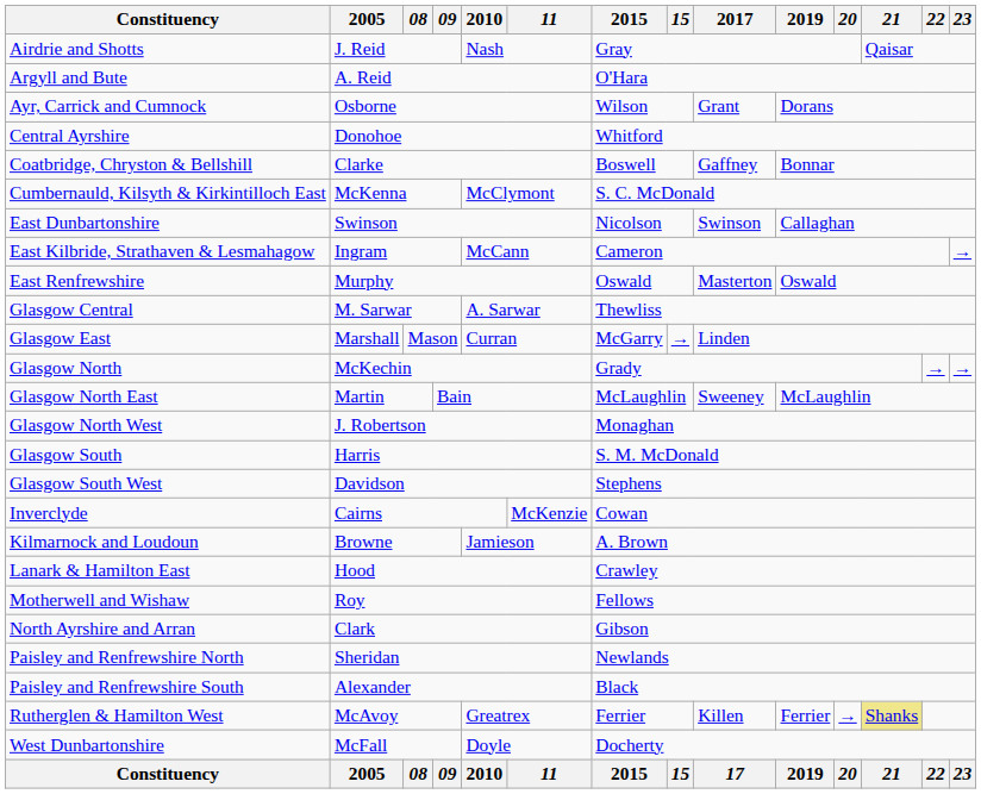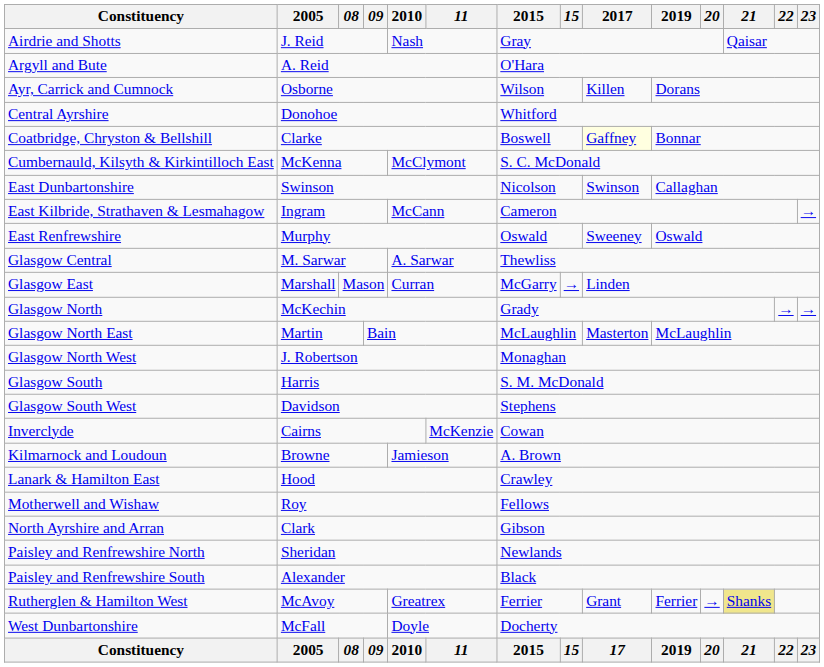 <table class="wikitable">
 <tr>
 <th>Constituency</th>
 <th>2005</th>
 <th><em>08</em></th>
 <th><em>09</em></th>
 <th>2010</th>
 <th><em>11</em></th>
 <th>2015</th>
 <th><em>15</em></th>
 <th>2017</th>
 <th>2019</th>
 <th><em>20</em></th>
 <th><em>21</em></th>
 <th><em>22</em></th>
 <th><em>23</em></th>
 </tr>
 <tr>
 <td><a href='#'>Airdrie and Shotts</a></td>
 <td colspan="3"><a href='#'>J. Reid</a></td>
 <td colspan="2"><a href='#'>Nash</a></td>
 <td colspan="5"><a href='#'>Gray</a></td>
 <td colspan="3"><a href='#'>Qaisar</a></td>
 </tr>
 <tr>
 <td><a href='#'>Argyll and Bute</a></td>
 <td colspan="5"><a href='#'>A. Reid</a></td>
 <td colspan="8"><a href='#'>O'Hara</a></td>
 </tr>
 <tr>
 <td><a href='#'>Ayr, Carrick and Cumnock</a></td>
 <td colspan="5"><a href='#'>Osborne</a></td>
 <td colspan="2"><a href='#'>Wilson</a></td>
-<td><a href='#'>Grant</a></td>
+<td><a href='#'>Killen</a></td>
 <td colspan="5"><a href='#'>Dorans</a></td>
 </tr>
 <tr>
 <td><a href='#'>Central Ayrshire</a></td>
 <td colspan="5"><a href='#'>Donohoe</a></td>
 <td colspan="8"><a href='#'>Whitford</a></td>
 </tr>
 <tr>
 <td><a href='#'>Coatbridge, Chryston & Bellshill</a></td>
 <td colspan="5"><a href='#'>Clarke</a></td>
 <td colspan="2"><a href='#'>Boswell</a></td>
-<td><a href='#'>Gaffney</a></td>
+<td style="background: lightyellow;"><a href='#'>Gaffney</a></td>
 <td colspan="5"><a href='#'>Bonnar</a></td>
 </tr>
 <tr>
 <td><a href='#'>Cumbernauld, Kilsyth & Kirkintilloch East</a></td>
 <td colspan="3"><a href='#'>McKenna</a></td>
 <td colspan="2"><a href='#'>McClymont</a></td>
 <td colspan="8"><a href='#'>S. C. McDonald</a></td>
 </tr>
 <tr>
 <td><a href='#'>East Dunbartonshire</a></td>
 <td colspan="5"><a href='#'>Swinson</a></td>
 <td colspan="2"><a href='#'>Nicolson</a></td>
 <td><a href='#'>Swinson</a></td>
 <td colspan="5"><a href='#'>Callaghan</a></td>
 </tr>
 <tr>
 <td><a href='#'>East Kilbride, Strathaven & Lesmahagow</a></td>
 <td colspan="3"><a href='#'>Ingram</a></td>
 <td colspan="2"><a href='#'>McCann</a></td>
 <td colspan="7"><a href='#'>Cameron</a></td>
 <td><a href='#'>→</a></td>
 </tr>
 <tr>
 <td><a href='#'>East Renfrewshire</a></td>
 <td colspan="5"><a href='#'>Murphy</a></td>
 <td colspan="2"><a href='#'>Oswald</a></td>
-<td><a href='#'>Masterton</a></td>
+<td><a href='#'>Sweeney</a></td>
 <td colspan="5"><a href='#'>Oswald</a></td>
 </tr>
 <tr>
 <td><a href='#'>Glasgow Central</a></td>
 <td colspan="3"><a href='#'>M. Sarwar</a></td>
 <td colspan="2"><a href='#'>A. Sarwar</a></td>
 <td colspan="8"><a href='#'>Thewliss</a></td>
 </tr>
 <tr>
 <td><a href='#'>Glasgow East</a></td>
 <td><a href='#'>Marshall</a></td>
 <td colspan="2"><a href='#'>Mason</a></td>
 <td colspan="2"><a href='#'>Curran</a></td>
 <td><a href='#'>McGarry</a></td>
 <td><a href='#'>→</a></td>
 <td colspan="6"><a href='#'>Linden</a></td>
 </tr>
 <tr>
 <td><a href='#'>Glasgow North</a></td>
 <td colspan="5"><a href='#'>McKechin</a></td>
 <td colspan="6"><a href='#'>Grady</a></td>
 <td><a href='#'>→</a></td>
 <td><a href='#'>→</a></td>
 </tr>
 <tr>
 <td><a href='#'>Glasgow North East</a></td>
 <td colspan="2"><a href='#'>Martin</a></td>
 <td colspan="3"><a href='#'>Bain</a></td>
 <td colspan="2"><a href='#'>McLaughlin</a></td>
-<td><a href='#'>Sweeney</a></td>
+<td><a href='#'>Masterton</a></td>
 <td colspan="5"><a href='#'>McLaughlin</a></td>
 </tr>
 <tr>
 <td><a href='#'>Glasgow North West</a></td>
 <td colspan="5"><a href='#'>J. Robertson</a></td>
 <td colspan="8"><a href='#'>Monaghan</a></td>
 </tr>
 <tr>
 <td><a href='#'>Glasgow South</a></td>
 <td colspan="5"><a href='#'>Harris</a></td>
 <td colspan="8"><a href='#'>S. M. McDonald</a></td>
 </tr>
 <tr>
 <td><a href='#'>Glasgow South West</a></td>
 <td colspan="5"><a href='#'>Davidson</a></td>
 <td colspan="8"><a href='#'>Stephens</a></td>
 </tr>
 <tr>
 <td><a href='#'>Inverclyde</a></td>
 <td colspan="4"><a href='#'>Cairns</a></td>
 <td><a href='#'>McKenzie</a></td>
 <td colspan="8"><a href='#'>Cowan</a></td>
 </tr>
 <tr>
 <td><a href='#'>Kilmarnock and Loudoun</a></td>
 <td colspan="3"><a href='#'>Browne</a></td>
 <td colspan="2"><a href='#'>Jamieson</a></td>
 <td colspan="8"><a href='#'>A. Brown</a></td>
 </tr>
 <tr>
 <td><a href='#'>Lanark & Hamilton East</a></td>
 <td colspan="5"><a href='#'>Hood</a></td>
 <td colspan="8"><a href='#'>Crawley</a></td>
 </tr>
 <tr>
 <td><a href='#'>Motherwell and Wishaw</a></td>
 <td colspan="5"><a href='#'>Roy</a></td>
 <td colspan="8"><a href='#'>Fellows</a></td>
 </tr>
 <tr>
 <td><a href='#'>North Ayrshire and Arran</a></td>
 <td colspan="5"><a href='#'>Clark</a></td>
 <td colspan="8"><a href='#'>Gibson</a></td>
 </tr>
 <tr>
 <td><a href='#'>Paisley and Renfrewshire North</a></td>
 <td colspan="5"><a href='#'>Sheridan</a></td>
 <td colspan="8"><a href='#'>Newlands</a></td>
 </tr>
 <tr>
 <td><a href='#'>Paisley and Renfrewshire South</a></td>
 <td colspan="5"><a href='#'>Alexander</a></td>
 <td colspan="8"><a href='#'>Black</a></td>
 </tr>
 <tr>
 <td><a href='#'>Rutherglen & Hamilton West</a></td>
 <td colspan="3"><a href='#'>McAvoy</a></td>
 <td colspan="2"><a href='#'>Greatrex</a></td>
 <td colspan="2"><a href='#'>Ferrier</a></td>
-<td><a href='#'>Killen</a></td>
+<td><a href='#'>Grant</a></td>
 <td><a href='#'>Ferrier</a></td>
 <td><a href='#'>→</a></td>
 <td style="background: khaki;"><a href='#'>Shanks</a></td>
 </tr>
 <tr>
 <td><a href='#'>West Dunbartonshire</a></td>
 <td colspan="3"><a href='#'>McFall</a></td>
 <td colspan="2"><a href='#'>Doyle</a></td>
 <td colspan="8"><a href='#'>Docherty</a></td>
 </tr>
 <tr>
 <th>Constituency</th>
 <th>2005</th>
 <th><em>08</em></th>
 <th><em>09</em></th>
 <th>2010</th>
 <th><em>11</em></th>
 <th>2015</th>
 <th><em>15</em></th>
 <th><em>17</em></th>
 <th>2019</th>
 <th><em>20</em></th>
 <th><em>21</em></th>
 <th><em>22</em></th>
 <th><em>23</em></th>
 </tr>
 </table>
